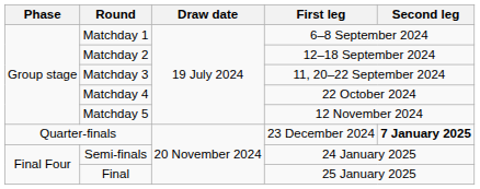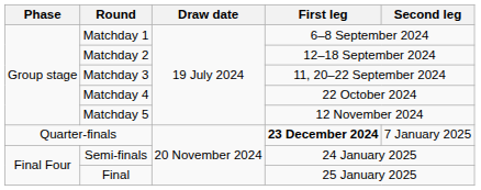 <table class="wikitable" style="text-align:center">
 <tr>
 <th>Phase</th>
 <th>Round</th>
 <th>Draw date</th>
 <th>First leg</th>
 <th>Second leg</th>
 </tr>
 <tr>
 <td rowspan="5">Group stage</td>
 <td>Matchday 1</td>
 <td rowspan="5">19 July 2024</td>
 <td colspan="2">6–8 September 2024</td>
 </tr>
 <tr>
 <td>Matchday 2</td>
 <td colspan="2">12–18 September 2024</td>
 </tr>
 <tr>
 <td>Matchday 3</td>
 <td colspan="2">11, 20–22 September 2024</td>
 </tr>
 <tr>
 <td>Matchday 4</td>
 <td colspan="2">22 October 2024</td>
 </tr>
 <tr>
 <td>Matchday 5</td>
 <td colspan="2">12 November 2024</td>
 </tr>
 <tr>
 <td colspan="2">Quarter-finals</td>
 <td rowspan="3">20 November 2024</td>
-<td>23 December 2024</td>
-<td><strong>7 January 2025</strong></td>
+<td><strong>23 December 2024</strong></td>
+<td>7 January 2025</td>
 </tr>
 <tr>
 <td rowspan="2">Final Four</td>
 <td>Semi-finals</td>
 <td colspan="2">24 January 2025</td>
 </tr>
 <tr>
 <td>Final</td>
 <td colspan="2">25 January 2025</td>
 </tr>
 </table>
